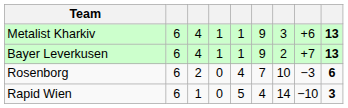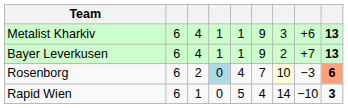 <table class="wikitable" style="text-align: center;">
 <tr>
 <th width=200>Team</th>
 <th width=20></th>
 <th width=20></th>
 <th width=20></th>
 <th width=20></th>
 <th width=20></th>
 <th width=20></th>
 <th width=20></th>
 <th width=20></th>
 </tr>
 <tr bgcolor=ccffcc>
 <td align=left> Metalist Kharkiv</td>
 <td>6</td>
 <td>4</td>
 <td>1</td>
 <td>1</td>
 <td>9</td>
 <td>3</td>
 <td>+6</td>
 <td><strong>13</strong></td>
 </tr>
 <tr bgcolor=ccffcc>
 <td align=left> Bayer Leverkusen</td>
 <td>6</td>
 <td>4</td>
 <td>1</td>
 <td>1</td>
 <td>9</td>
 <td>2</td>
 <td>+7</td>
 <td><strong>13</strong></td>
 </tr>
 <tr>
 <td align=left> Rosenborg</td>
 <td>6</td>
 <td>2</td>
-<td>0</td>
+<td style="background: lightblue;">0</td>
 <td>4</td>
 <td>7</td>
-<td>10</td>
+<td style="background: lightyellow;">10</td>
 <td>−3</td>
-<td><strong>6</strong></td>
+<td style="background: lightsalmon;"><strong>6</strong></td>
 </tr>
 <tr>
 <td align=left> Rapid Wien</td>
 <td>6</td>
 <td>1</td>
 <td>0</td>
 <td>5</td>
 <td>4</td>
 <td>14</td>
 <td>−10</td>
 <td><strong>3</strong></td>
 </tr>
 </table>
